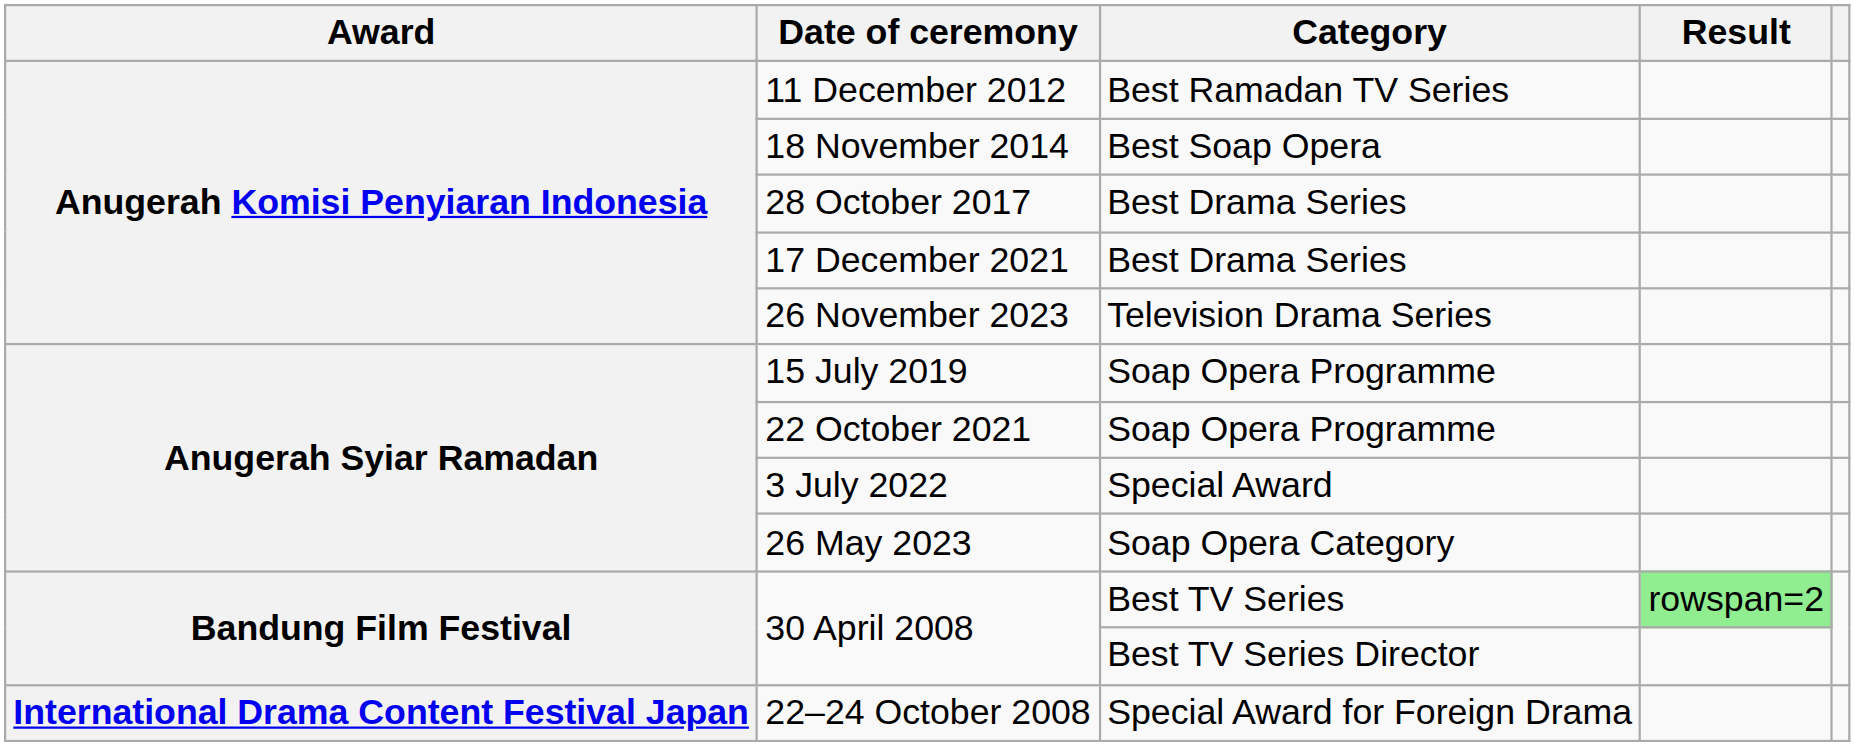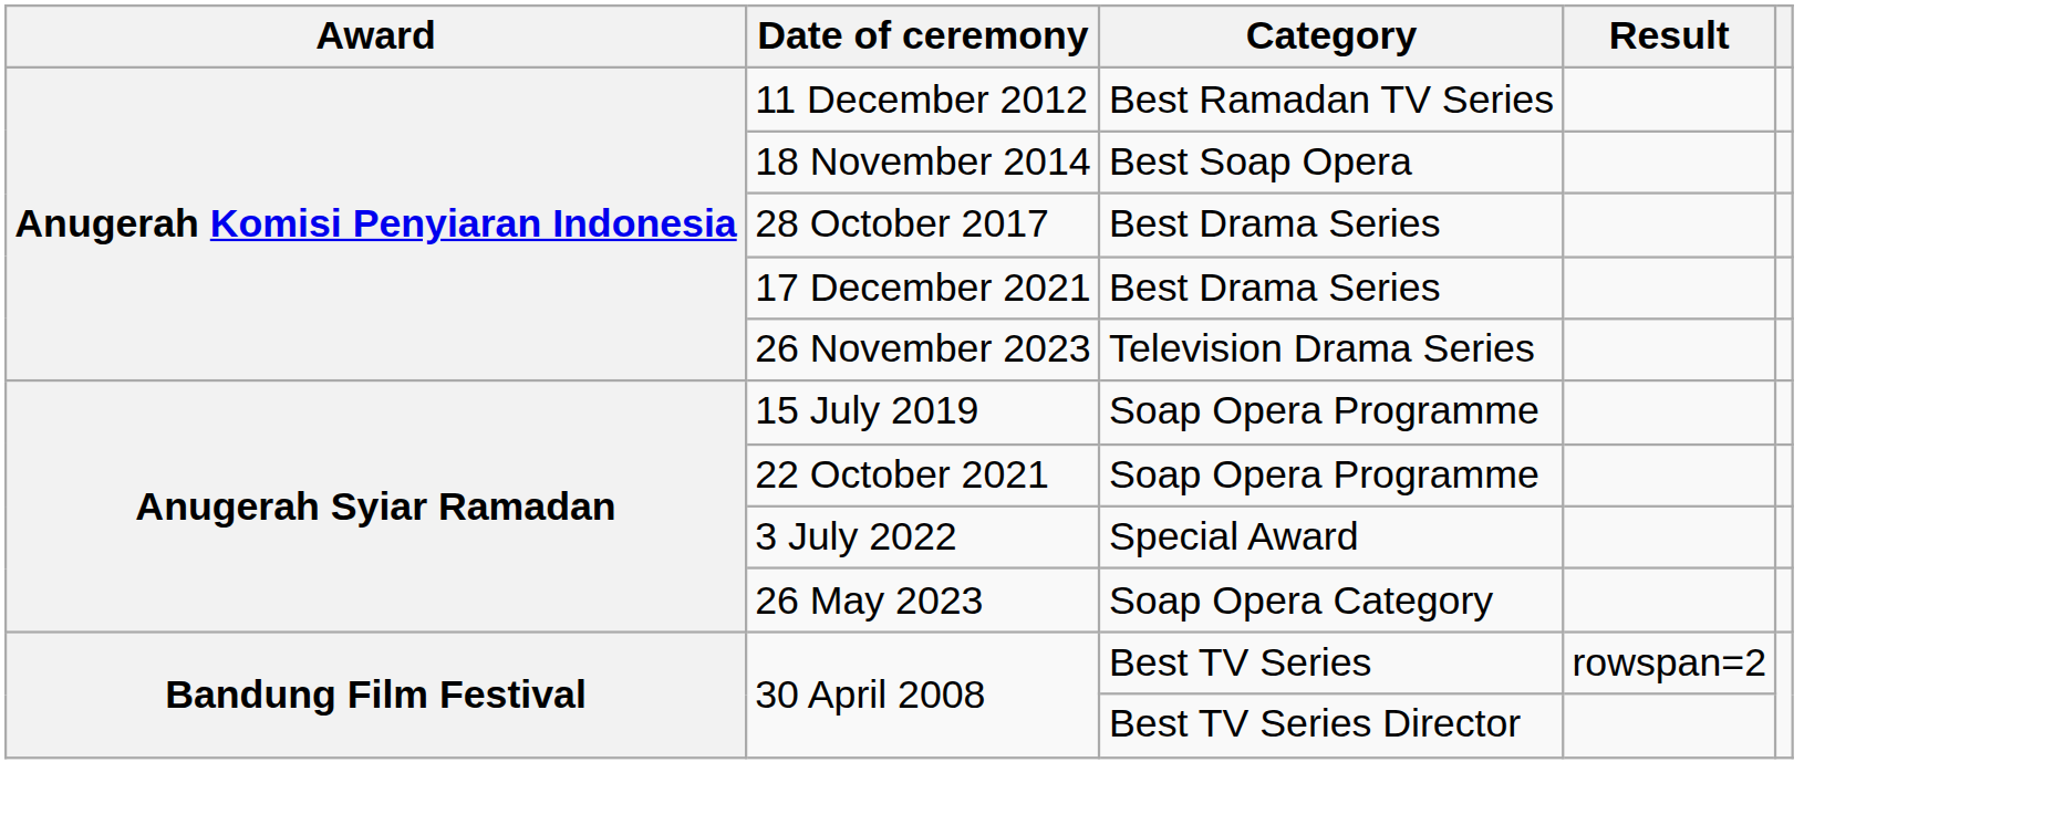 <table class="wikitable sortable plainrowheaders">
 <tr>
 <th>Award</th>
 <th data-sort-type=date>Date of ceremony</th>
 <th>Category</th>
 <th>Result</th>
 <th></th>
 </tr>
 <tr>
 <th scope="row" rowspan=5>Anugerah <a href='#'>Komisi Penyiaran Indonesia</a></th>
 <td>11 December 2012</td>
 <td>Best Ramadan TV Series</td>
 <td></td>
 <td></td>
 </tr>
 <tr>
 <td>18 November 2014</td>
 <td>Best Soap Opera</td>
 <td></td>
 <td></td>
 </tr>
 <tr>
 <td>28 October 2017</td>
 <td>Best Drama Series</td>
 <td></td>
 <td></td>
 </tr>
 <tr>
 <td>17 December 2021</td>
 <td>Best Drama Series</td>
 <td></td>
 <td></td>
 </tr>
 <tr>
 <td>26 November 2023</td>
 <td>Television Drama Series</td>
 <td></td>
 <td></td>
 </tr>
 <tr>
 <th scope="row" rowspan=4>Anugerah Syiar Ramadan</th>
 <td>15 July 2019</td>
 <td>Soap Opera Programme</td>
 <td></td>
 <td></td>
 </tr>
 <tr>
 <td>22 October 2021</td>
 <td>Soap Opera Programme</td>
 <td></td>
 <td></td>
 </tr>
 <tr>
 <td>3 July 2022</td>
 <td>Special Award</td>
 <td></td>
 <td></td>
 </tr>
 <tr>
 <td>26 May 2023</td>
 <td>Soap Opera Category</td>
 <td></td>
 <td></td>
 </tr>
 <tr>
 <th scope="row" rowspan=2>Bandung Film Festival</th>
 <td rowspan=2>30 April 2008</td>
 <td>Best TV Series</td>
-<td style="background: lightgreen;">rowspan=2 </td>
+<td>rowspan=2 </td>
 <td rowspan=2></td>
 </tr>
 <tr>
 <td>Best TV Series Director</td>
 </tr>
-<tr>
-<th scope="row"><a href='#'>International Drama Content Festival Japan</a></th>
-<td>22–24 October 2008</td>
-<td>Special Award for Foreign Drama</td>
-<td></td>
-<td></td>
-</tr>
 </table>
